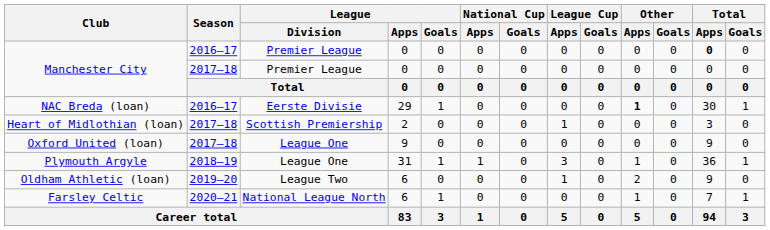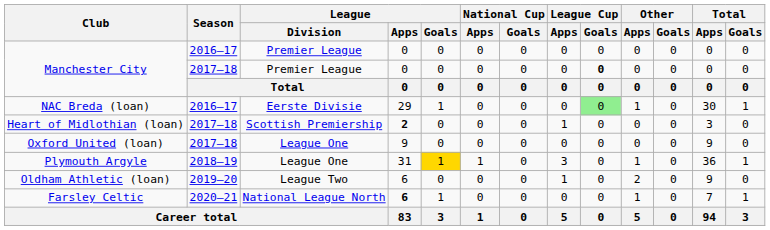 <table class="wikitable" style="text-align:center">
 <tr>
 <th rowspan=2>Club</th>
 <th rowspan=2>Season</th>
 <th colspan=3>League</th>
 <th colspan=2>National Cup</th>
 <th colspan=2>League Cup</th>
 <th colspan=2>Other</th>
 <th colspan=2>Total</th>
 </tr>
 <tr>
 <th>Division</th>
 <th>Apps</th>
 <th>Goals</th>
 <th>Apps</th>
 <th>Goals</th>
 <th>Apps</th>
 <th>Goals</th>
 <th>Apps</th>
 <th>Goals</th>
 <th>Apps</th>
 <th>Goals</th>
 </tr>
 <tr>
 <td rowspan=3><a href='#'>Manchester City</a></td>
 <td><a href='#'>2016–17</a></td>
 <td><a href='#'>Premier League</a></td>
 <td>0</td>
 <td>0</td>
 <td>0</td>
 <td>0</td>
 <td>0</td>
 <td>0</td>
 <td>0</td>
 <td>0</td>
-<td><strong>0</strong></td>
+<td>0</td>
 <td>0</td>
 </tr>
 <tr>
 <td><a href='#'>2017–18</a></td>
 <td>Premier League</td>
 <td>0</td>
 <td>0</td>
 <td>0</td>
 <td>0</td>
 <td>0</td>
-<td>0</td>
+<td><strong>0</strong></td>
 <td>0</td>
 <td>0</td>
 <td>0</td>
 <td>0</td>
 </tr>
 <tr>
 <th colspan=2>Total</th>
 <th>0</th>
 <th>0</th>
 <th>0</th>
 <th>0</th>
 <th>0</th>
 <th>0</th>
 <th>0</th>
 <th>0</th>
 <th>0</th>
 <th>0</th>
 </tr>
 <tr>
 <td><a href='#'>NAC Breda</a> (loan)</td>
 <td><a href='#'>2016–17</a></td>
 <td><a href='#'>Eerste Divisie</a></td>
 <td>29</td>
 <td>1</td>
 <td>0</td>
 <td>0</td>
 <td>0</td>
-<td>0</td>
-<td><strong>1</strong></td>
+<td style="background: lightgreen;">0</td>
+<td>1</td>
 <td>0</td>
 <td>30</td>
 <td>1</td>
 </tr>
 <tr>
 <td><a href='#'>Heart of Midlothian</a> (loan)</td>
 <td><a href='#'>2017–18</a></td>
 <td><a href='#'>Scottish Premiership</a></td>
-<td>2</td>
+<td><strong>2</strong></td>
 <td>0</td>
 <td>0</td>
 <td>0</td>
 <td>1</td>
 <td>0</td>
 <td>0</td>
 <td>0</td>
 <td>3</td>
 <td>0</td>
 </tr>
 <tr>
 <td><a href='#'>Oxford United</a> (loan)</td>
 <td><a href='#'>2017–18</a></td>
 <td><a href='#'>League One</a></td>
 <td>9</td>
 <td>0</td>
 <td>0</td>
 <td>0</td>
 <td>0</td>
 <td>0</td>
 <td>0</td>
 <td>0</td>
 <td>9</td>
 <td>0</td>
 </tr>
 <tr>
 <td><a href='#'>Plymouth Argyle</a></td>
 <td><a href='#'>2018–19</a></td>
 <td>League One</td>
 <td>31</td>
-<td>1</td>
+<td style="background: gold;">1</td>
 <td>1</td>
 <td>0</td>
 <td>3</td>
 <td>0</td>
 <td>1</td>
 <td>0</td>
 <td>36</td>
 <td>1</td>
 </tr>
 <tr>
 <td><a href='#'>Oldham Athletic</a> (loan)</td>
 <td><a href='#'>2019–20</a></td>
 <td>League Two</td>
 <td>6</td>
 <td>0</td>
 <td>0</td>
 <td>0</td>
 <td>1</td>
 <td>0</td>
 <td>2</td>
 <td>0</td>
 <td>9</td>
 <td>0</td>
 </tr>
 <tr>
 <td><a href='#'>Farsley Celtic</a></td>
 <td><a href='#'>2020–21</a></td>
 <td><a href='#'>National League North</a></td>
-<td>6</td>
+<td><strong>6</strong></td>
 <td>1</td>
 <td>0</td>
 <td>0</td>
 <td>0</td>
 <td>0</td>
 <td>1</td>
 <td>0</td>
 <td>7</td>
 <td>1</td>
 </tr>
 <tr>
 <th colspan="3">Career total</th>
 <th>83</th>
 <th>3</th>
 <th>1</th>
 <th>0</th>
 <th>5</th>
 <th>0</th>
 <th>5</th>
 <th>0</th>
 <th>94</th>
 <th>3</th>
 </tr>
 </table>
